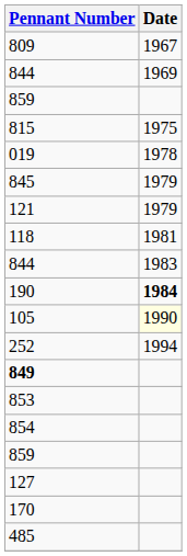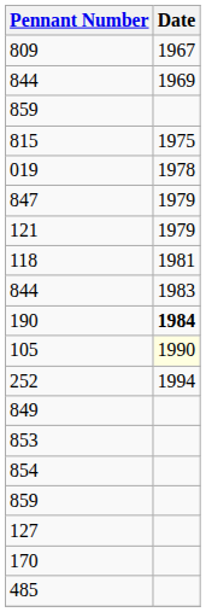 <table class="wikitable" style="text-align:left">
 <tr>
 <th><a href='#'>Pennant Number</a></th>
 <th>Date</th>
 </tr>
 <tr>
 <td>809</td>
 <td>1967</td>
 </tr>
 <tr>
 <td>844</td>
 <td>1969</td>
 </tr>
 <tr>
 <td>859</td>
 <td></td>
 </tr>
 <tr>
 <td>815</td>
 <td>1975</td>
 </tr>
 <tr>
 <td>019</td>
 <td>1978</td>
 </tr>
 <tr>
-<td>845</td>
+<td>847</td>
 <td>1979</td>
 </tr>
 <tr>
 <td>121</td>
 <td>1979</td>
 </tr>
 <tr>
 <td>118</td>
 <td>1981</td>
 </tr>
 <tr>
 <td>844</td>
 <td>1983</td>
 </tr>
 <tr>
 <td>190</td>
 <td><strong>1984</strong></td>
 </tr>
 <tr>
 <td>105</td>
 <td style="background: lightyellow;">1990</td>
 </tr>
 <tr>
 <td>252</td>
 <td>1994</td>
 </tr>
 <tr>
-<td><strong>849</strong></td>
+<td>849</td>
 <td></td>
 </tr>
 <tr>
 <td>853</td>
 <td></td>
 </tr>
 <tr>
 <td>854</td>
 <td></td>
 </tr>
 <tr>
 <td>859</td>
 <td></td>
 </tr>
 <tr>
 <td>127</td>
 <td></td>
 </tr>
 <tr>
 <td>170</td>
 <td></td>
 </tr>
 <tr>
 <td>485</td>
 <td></td>
 </tr>
 <tr>
 </tr>
 </table>
